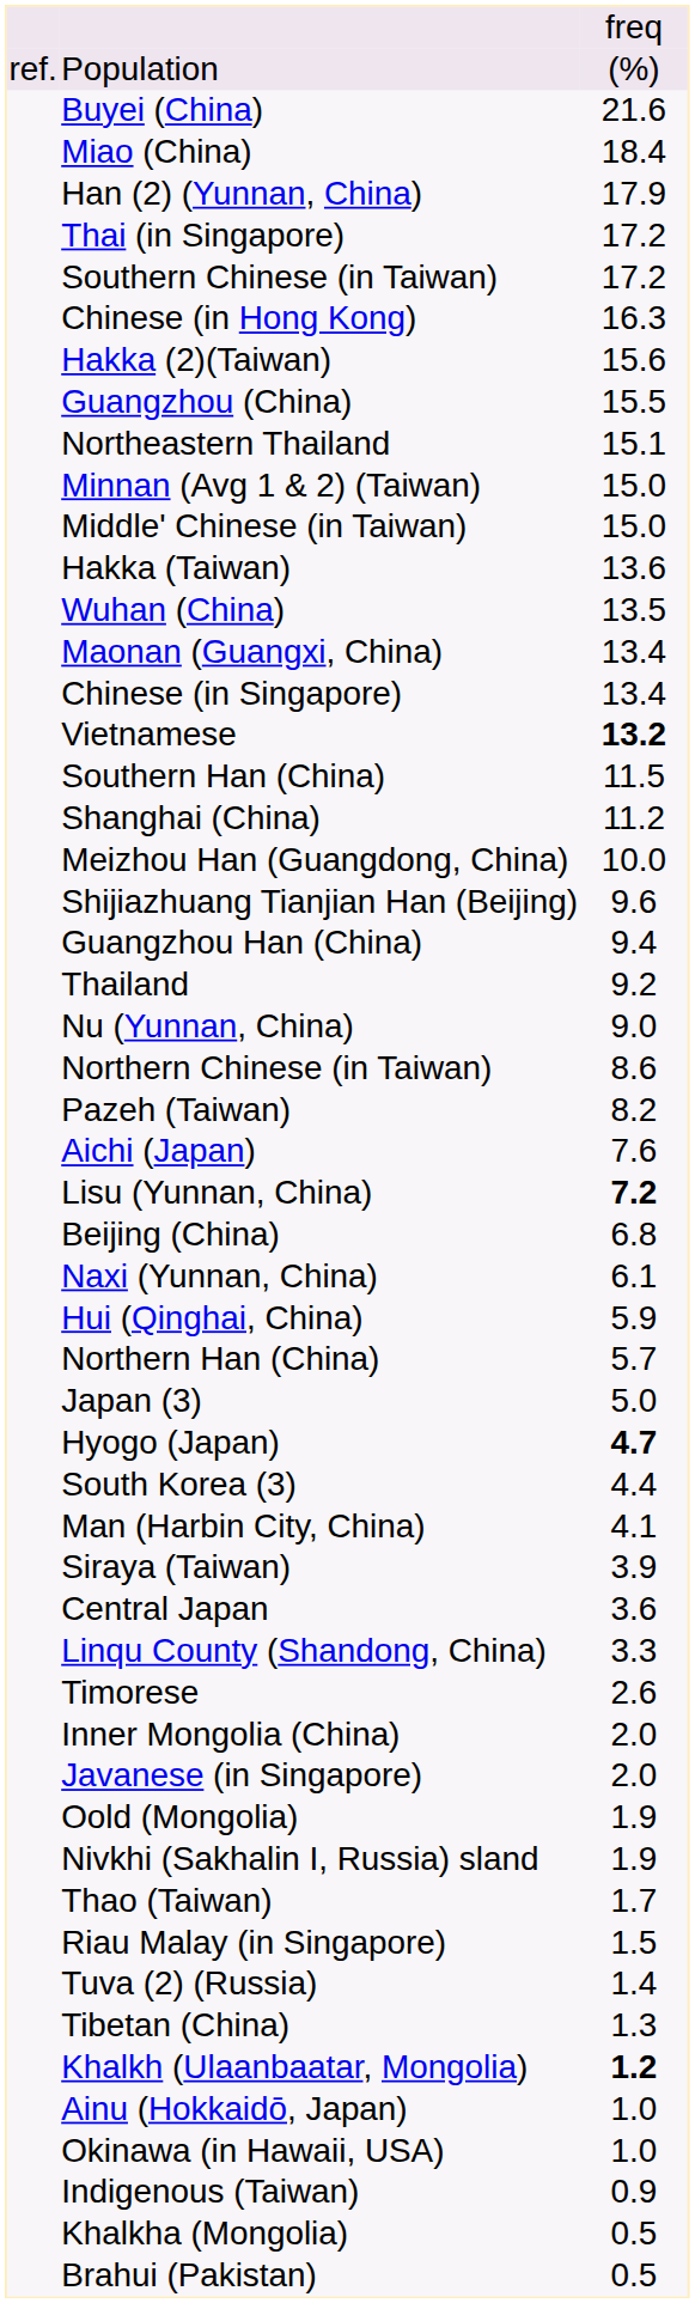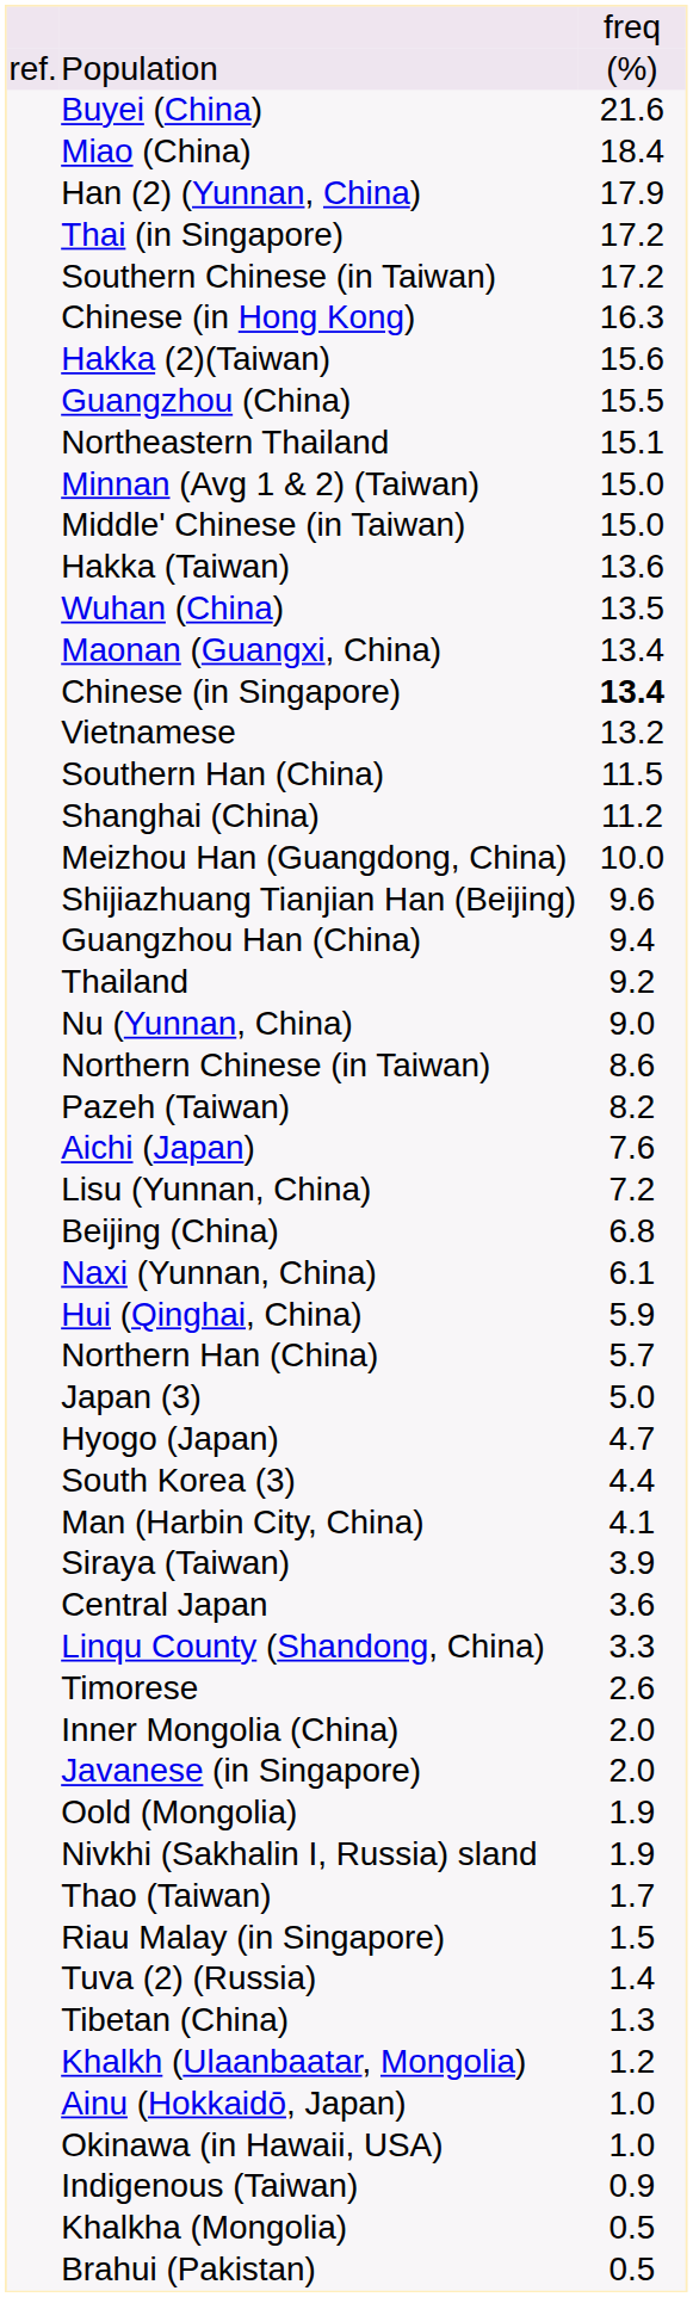 <table border="0" cellspacing="0" cellpadding="1" align="left" style="text-align:center; margin-right: 3em;  border:1px #ffeebb solid; background:#f8f6f8; ">
 <tr style="background:#efe5ef">
 <td></td>
 <td></td>
 <td>freq</td>
 </tr>
 <tr style="background:#eee5ef">
 <td>ref.</td>
 <td align="left">Population</td>
 <td style="width:50px">(%)</td>
 </tr>
 <tr>
 <td></td>
 <td align="left"><a href='#'>Buyei</a> (<a href='#'>China</a>)</td>
 <td>21.6</td>
 </tr>
 <tr>
 <td></td>
 <td align="left"><a href='#'>Miao</a> (China)</td>
 <td>18.4</td>
 </tr>
 <tr>
 <td></td>
 <td align="left">Han (2) (<a href='#'>Yunnan</a>, <a href='#'>China</a>)</td>
 <td>17.9</td>
 </tr>
 <tr>
 <td></td>
 <td align="left"><a href='#'>Thai</a> (in Singapore)</td>
 <td>17.2</td>
 </tr>
 <tr>
 <td></td>
 <td align="left">Southern Chinese (in Taiwan)</td>
 <td>17.2</td>
 </tr>
 <tr>
 <td></td>
 <td align="left">Chinese (in <a href='#'>Hong Kong</a>)</td>
 <td>16.3</td>
 </tr>
 <tr>
 <td></td>
 <td align="left"><a href='#'>Hakka</a> (2)(Taiwan)</td>
 <td>15.6</td>
 </tr>
 <tr>
 <td></td>
 <td align="left"><a href='#'>Guangzhou</a> (China)</td>
 <td>15.5</td>
 </tr>
 <tr>
 <td></td>
 <td align="left">Northeastern Thailand</td>
 <td>15.1</td>
 </tr>
 <tr>
 <td></td>
 <td align="left"><a href='#'>Minnan</a> (Avg 1 & 2) (Taiwan)</td>
 <td>15.0</td>
 </tr>
 <tr>
 <td></td>
 <td align="left">Middle' Chinese (in Taiwan)</td>
 <td>15.0</td>
 </tr>
 <tr>
 <td></td>
 <td align="left">Hakka (Taiwan)</td>
 <td>13.6</td>
 </tr>
 <tr>
 <td></td>
 <td align="left"><a href='#'>Wuhan</a> (<a href='#'>China</a>)</td>
 <td>13.5</td>
 </tr>
 <tr>
 <td></td>
 <td align="left"><a href='#'>Maonan</a>  (<a href='#'>Guangxi</a>, China)</td>
 <td>13.4</td>
 </tr>
 <tr>
 <td></td>
 <td align="left">Chinese (in Singapore)</td>
-<td>13.4</td>
+<td><strong>13.4</strong></td>
 </tr>
 <tr>
 <td></td>
 <td align="left">Vietnamese</td>
-<td><strong>13.2</strong></td>
+<td>13.2</td>
 </tr>
 <tr>
 <td></td>
 <td align="left">Southern Han (China)</td>
 <td>11.5</td>
 </tr>
 <tr>
 <td></td>
 <td align="left">Shanghai (China)</td>
 <td>11.2</td>
 </tr>
 <tr>
 <td></td>
 <td align="left">Meizhou Han (Guangdong, China)</td>
 <td>10.0</td>
 </tr>
 <tr>
 <td></td>
 <td align="left">Shijiazhuang Tianjian Han (Beijing)</td>
 <td>9.6</td>
 </tr>
 <tr>
 <td></td>
 <td align="left">Guangzhou Han (China)</td>
 <td>9.4</td>
 </tr>
 <tr>
 <td></td>
 <td align="left">Thailand</td>
 <td>9.2</td>
 </tr>
 <tr>
 <td></td>
 <td align="left">Nu (<a href='#'>Yunnan</a>, China)</td>
 <td>9.0</td>
 </tr>
 <tr>
 <td></td>
 <td align="left">Northern Chinese (in Taiwan)</td>
 <td>8.6</td>
 </tr>
 <tr>
 <td></td>
 <td align="left">Pazeh (Taiwan)</td>
 <td>8.2</td>
 </tr>
 <tr>
 <td></td>
 <td align="left"><a href='#'>Aichi</a> (<a href='#'>Japan</a>)</td>
 <td>7.6</td>
 </tr>
 <tr>
 <td></td>
 <td align="left">Lisu (Yunnan, China)</td>
-<td><strong>7.2</strong></td>
+<td>7.2</td>
 </tr>
 <tr>
 <td></td>
 <td align="left">Beijing (China)</td>
 <td>6.8</td>
 </tr>
 <tr>
 <td></td>
 <td align="left"><a href='#'>Naxi</a> (Yunnan,  China)</td>
 <td>6.1</td>
 </tr>
 <tr>
 <td></td>
 <td align="left"><a href='#'>Hui</a> (<a href='#'>Qinghai</a>, China)</td>
 <td>5.9</td>
 </tr>
 <tr>
 <td></td>
 <td align="left">Northern Han (China)</td>
 <td>5.7</td>
 </tr>
 <tr>
 <td></td>
 <td align="left">Japan (3)</td>
 <td>5.0</td>
 </tr>
 <tr>
 <td></td>
 <td align="left">Hyogo (Japan)</td>
-<td><strong>4.7</strong></td>
+<td>4.7</td>
 </tr>
 <tr>
 <td></td>
 <td align="left">South Korea (3)</td>
 <td>4.4</td>
 </tr>
 <tr>
 <td></td>
 <td align="left">Man (Harbin City, China)</td>
 <td>4.1</td>
 </tr>
 <tr>
 <td></td>
 <td align="left">Siraya (Taiwan)</td>
 <td>3.9</td>
 </tr>
 <tr>
 <td></td>
 <td align="left">Central Japan</td>
 <td>3.6</td>
 </tr>
 <tr>
 <td></td>
 <td align="left"><a href='#'>Linqu County</a> (<a href='#'>Shandong</a>, China)</td>
 <td>3.3</td>
 </tr>
 <tr>
 <td></td>
 <td align="left">Timorese</td>
 <td>2.6</td>
 </tr>
 <tr>
 <td></td>
 <td align="left">Inner Mongolia (China)</td>
 <td>2.0</td>
 </tr>
 <tr>
 <td></td>
 <td align="left"><a href='#'>Javanese</a> (in Singapore)</td>
 <td>2.0</td>
 </tr>
 <tr>
 <td></td>
 <td align="left">Oold (Mongolia)</td>
 <td>1.9</td>
 </tr>
 <tr>
 <td></td>
 <td align="left">Nivkhi (Sakhalin I, Russia) sland</td>
 <td>1.9</td>
 </tr>
 <tr>
 <td></td>
 <td align="left">Thao (Taiwan)</td>
 <td>1.7</td>
 </tr>
 <tr>
 <td></td>
 <td align="left">Riau Malay (in Singapore)</td>
 <td>1.5</td>
 </tr>
 <tr>
 <td></td>
 <td align="left">Tuva (2) (Russia)</td>
 <td>1.4</td>
 </tr>
 <tr>
 <td></td>
 <td align="left">Tibetan  (China)</td>
 <td>1.3</td>
 </tr>
 <tr>
 <td></td>
 <td align="left"><a href='#'>Khalkh</a>  (<a href='#'>Ulaanbaatar</a>, <a href='#'>Mongolia</a>)</td>
-<td><strong>1.2</strong></td>
+<td>1.2</td>
 </tr>
 <tr>
 <td></td>
 <td align="left"><a href='#'>Ainu</a> (<a href='#'>Hokkaidō</a>, Japan)</td>
 <td>1.0</td>
 </tr>
 <tr>
 <td></td>
 <td align="left">Okinawa (in Hawaii, USA)</td>
 <td>1.0</td>
 </tr>
 <tr>
 <td></td>
 <td align="left">Indigenous (Taiwan)</td>
 <td>0.9</td>
 </tr>
 <tr>
 <td></td>
 <td align="left">Khalkha (Mongolia)</td>
 <td>0.5</td>
 </tr>
 <tr>
 <td></td>
 <td align="left">Brahui (Pakistan)</td>
 <td>0.5</td>
 </tr>
 </table>
